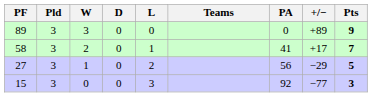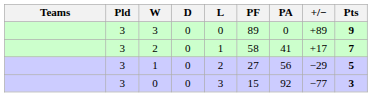 <table class="wikitable" style="text-align: center;">
 <tr>
-<th width="40">PF</th>
+<th width="140">Teams</th>
 <th width="40">Pld</th>
 <th width="40">W</th>
 <th width="40">D</th>
 <th width="40">L</th>
-<th width="140">Teams</th>
+<th width="40">PF</th>
 <th width="40">PA</th>
 <th width="40">+/−</th>
 <th width="40">Pts</th>
 </tr>
 <tr bgcolor=ccffcc>
-<td>89</td>
+<td align=left></td>
 <td>3</td>
 <td>3</td>
 <td>0</td>
 <td>0</td>
-<td align=left></td>
+<td>89</td>
 <td>0</td>
 <td>+89</td>
 <td><strong>9</strong></td>
 </tr>
 <tr bgcolor=ccffcc>
-<td>58</td>
+<td align=left></td>
 <td>3</td>
 <td>2</td>
 <td>0</td>
 <td>1</td>
-<td align=left></td>
+<td>58</td>
 <td>41</td>
 <td>+17</td>
 <td><strong>7</strong></td>
 </tr>
 <tr bgcolor=ccccff>
-<td>27</td>
+<td align=left></td>
 <td>3</td>
 <td>1</td>
 <td>0</td>
 <td>2</td>
-<td align=left></td>
+<td>27</td>
 <td>56</td>
 <td>−29</td>
 <td><strong>5</strong></td>
 </tr>
 <tr bgcolor=ccccff>
-<td>15</td>
+<td align=left></td>
 <td>3</td>
 <td>0</td>
 <td>0</td>
 <td>3</td>
-<td align=left></td>
+<td>15</td>
 <td>92</td>
 <td>−77</td>
 <td><strong>3</strong></td>
 </tr>
 </table>
